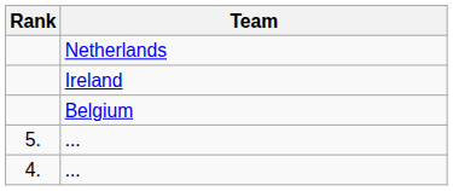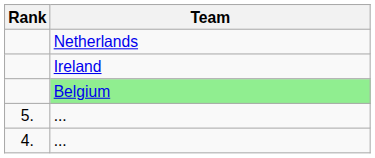 <table class="wikitable" style="font-size:95%;">
 <tr>
 <th>Rank</th>
 <th align="left" style="width: 20em">Team</th>
 </tr>
 <tr>
 <td align="center"></td>
 <td> <a href='#'>Netherlands</a></td>
 </tr>
 <tr>
 <td align="center"></td>
 <td> <a href='#'>Ireland</a></td>
 </tr>
 <tr>
 <td align="center"></td>
-<td> <a href='#'>Belgium</a></td>
+<td style="background: lightgreen;"> <a href='#'>Belgium</a></td>
 </tr>
 <tr>
 <td align="center">5.</td>
 <td>...</td>
 </tr>
 <tr>
 <td align="center">4.</td>
 <td>...</td>
 </tr>
 </table>
